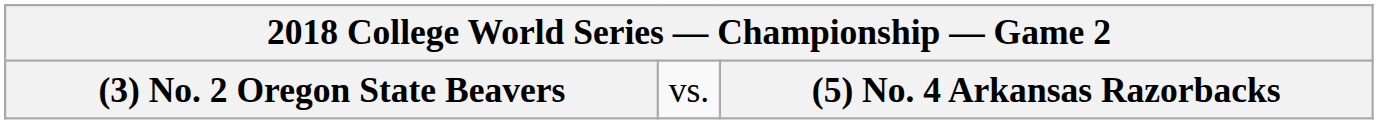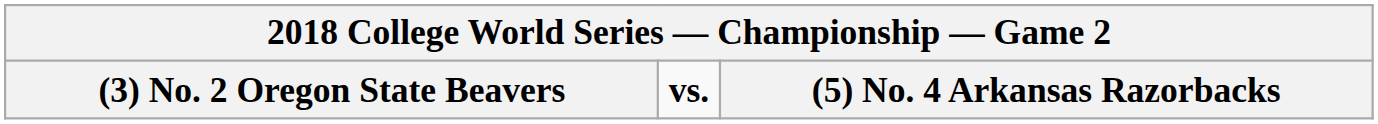 <table class="wikitable">
 <tr>
 <th style="width: 595px;" colspan=3>2018 College World Series — Championship — Game 2</th>
 </tr>
 <tr>
 <th style="width: 287px; ">(3) No. 2 Oregon State Beavers</th>
-<td style="width: 20px; text-align:center">vs.</td>
+<td style="width: 20px; text-align:center"><strong>vs.</strong></td>
 <th style="width: 287px; ">(5) No. 4 Arkansas Razorbacks</th>
 </tr>
 </table>
